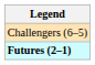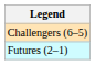 <table class=wikitable style=font-size:90%>
 <tr>
 <th>Legend</th>
 </tr>
 <tr bgcolor=moccasin>
 <td>Challengers (6–5)</td>
 </tr>
 <tr bgcolor=CFFCFF>
-<td><strong>Futures (2–1)</strong></td>
+<td>Futures (2–1)</td>
 </tr>
 </table>
